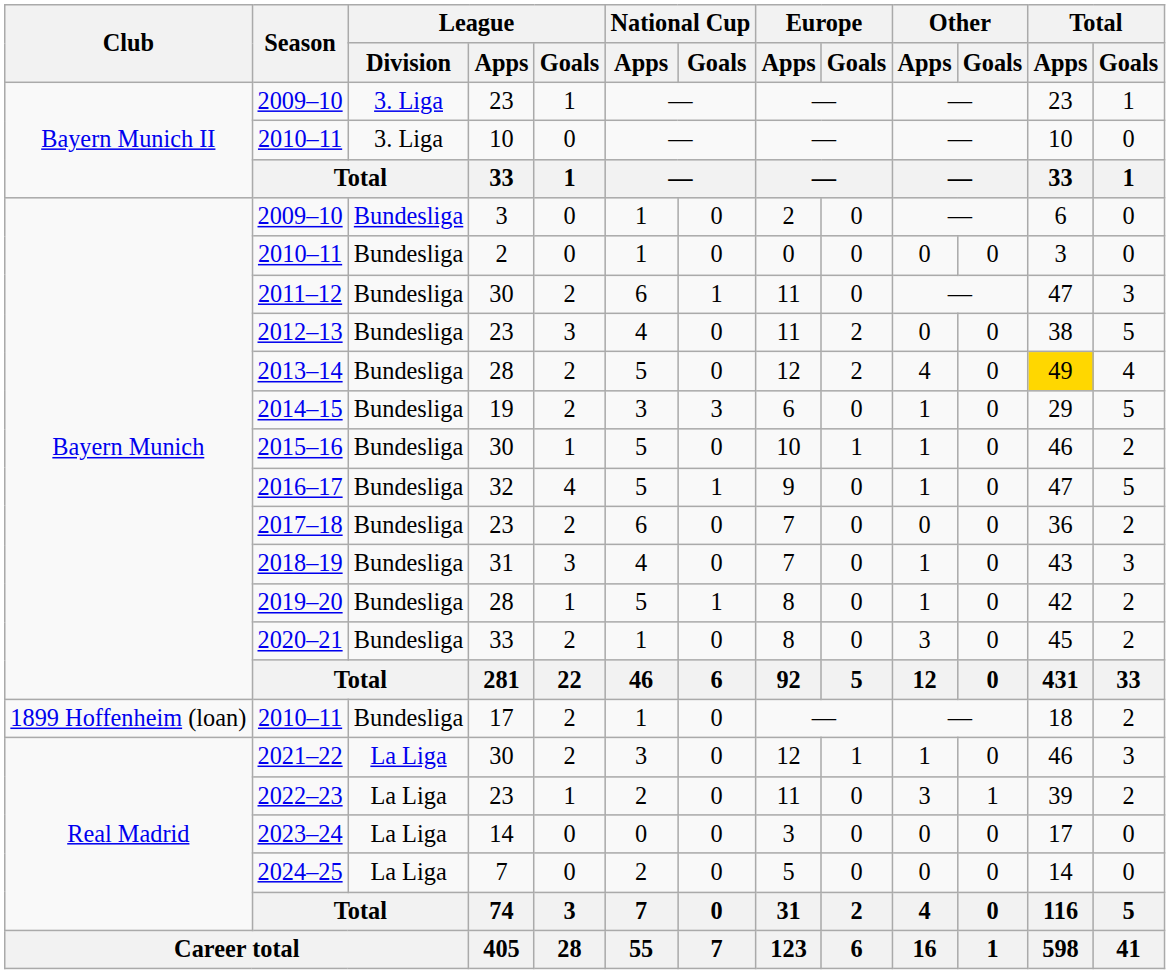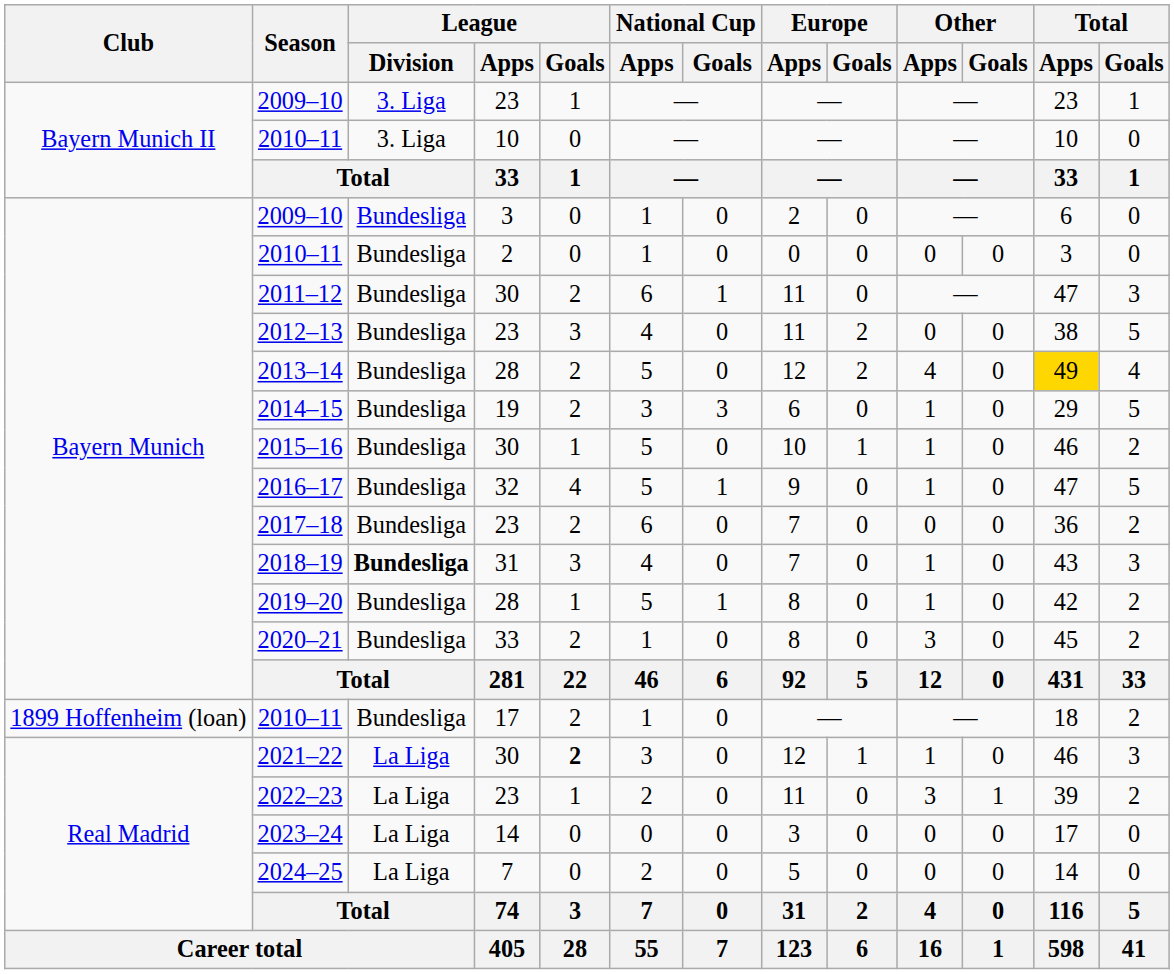 <table class="wikitable" style="text-align: center;">
 <tr>
 <th rowspan="2">Club</th>
 <th rowspan="2">Season</th>
 <th colspan="3">League</th>
 <th colspan="2">National Cup</th>
 <th colspan="2">Europe</th>
 <th colspan="2">Other</th>
 <th colspan="2">Total</th>
 </tr>
 <tr>
 <th>Division</th>
 <th>Apps</th>
 <th>Goals</th>
 <th>Apps</th>
 <th>Goals</th>
 <th>Apps</th>
 <th>Goals</th>
 <th>Apps</th>
 <th>Goals</th>
 <th>Apps</th>
 <th>Goals</th>
 </tr>
 <tr>
 <td rowspan="3"><a href='#'>Bayern Munich II</a></td>
 <td><a href='#'>2009–10</a></td>
 <td><a href='#'>3. Liga</a></td>
 <td>23</td>
 <td>1</td>
 <td colspan="2">—</td>
 <td colspan="2">—</td>
 <td colspan="2">—</td>
 <td>23</td>
 <td>1</td>
 </tr>
 <tr>
 <td><a href='#'>2010–11</a></td>
 <td>3. Liga</td>
 <td>10</td>
 <td>0</td>
 <td colspan="2">—</td>
 <td colspan="2">—</td>
 <td colspan="2">—</td>
 <td>10</td>
 <td>0</td>
 </tr>
 <tr>
 <th colspan="2">Total</th>
 <th>33</th>
 <th>1</th>
 <th colspan="2">—</th>
 <th colspan="2">—</th>
 <th colspan="2">—</th>
 <th>33</th>
 <th>1</th>
 </tr>
 <tr>
 <td rowspan="13"><a href='#'>Bayern Munich</a></td>
 <td><a href='#'>2009–10</a></td>
 <td><a href='#'>Bundesliga</a></td>
 <td>3</td>
 <td>0</td>
 <td>1</td>
 <td>0</td>
 <td>2</td>
 <td>0</td>
 <td colspan="2">—</td>
 <td>6</td>
 <td>0</td>
 </tr>
 <tr>
 <td><a href='#'>2010–11</a></td>
 <td>Bundesliga</td>
 <td>2</td>
 <td>0</td>
 <td>1</td>
 <td>0</td>
 <td>0</td>
 <td>0</td>
 <td>0</td>
 <td>0</td>
 <td>3</td>
 <td>0</td>
 </tr>
 <tr>
 <td><a href='#'>2011–12</a></td>
 <td>Bundesliga</td>
 <td>30</td>
 <td>2</td>
 <td>6</td>
 <td>1</td>
 <td>11</td>
 <td>0</td>
 <td colspan="2">—</td>
 <td>47</td>
 <td>3</td>
 </tr>
 <tr>
 <td><a href='#'>2012–13</a></td>
 <td>Bundesliga</td>
 <td>23</td>
 <td>3</td>
 <td>4</td>
 <td>0</td>
 <td>11</td>
 <td>2</td>
 <td>0</td>
 <td>0</td>
 <td>38</td>
 <td>5</td>
 </tr>
 <tr>
 <td><a href='#'>2013–14</a></td>
 <td>Bundesliga</td>
 <td>28</td>
 <td>2</td>
 <td>5</td>
 <td>0</td>
 <td>12</td>
 <td>2</td>
 <td>4</td>
 <td>0</td>
 <td style="background: gold;">49</td>
 <td>4</td>
 </tr>
 <tr>
 <td><a href='#'>2014–15</a></td>
 <td>Bundesliga</td>
 <td>19</td>
 <td>2</td>
 <td>3</td>
 <td>3</td>
 <td>6</td>
 <td>0</td>
 <td>1</td>
 <td>0</td>
 <td>29</td>
 <td>5</td>
 </tr>
 <tr>
 <td><a href='#'>2015–16</a></td>
 <td>Bundesliga</td>
 <td>30</td>
 <td>1</td>
 <td>5</td>
 <td>0</td>
 <td>10</td>
 <td>1</td>
 <td>1</td>
 <td>0</td>
 <td>46</td>
 <td>2</td>
 </tr>
 <tr>
 <td><a href='#'>2016–17</a></td>
 <td>Bundesliga</td>
 <td>32</td>
 <td>4</td>
 <td>5</td>
 <td>1</td>
 <td>9</td>
 <td>0</td>
 <td>1</td>
 <td>0</td>
 <td>47</td>
 <td>5</td>
 </tr>
 <tr>
 <td><a href='#'>2017–18</a></td>
 <td>Bundesliga</td>
 <td>23</td>
 <td>2</td>
 <td>6</td>
 <td>0</td>
 <td>7</td>
 <td>0</td>
 <td>0</td>
 <td>0</td>
 <td>36</td>
 <td>2</td>
 </tr>
 <tr>
 <td><a href='#'>2018–19</a></td>
-<td>Bundesliga</td>
+<td><strong>Bundesliga</strong></td>
 <td>31</td>
 <td>3</td>
 <td>4</td>
 <td>0</td>
 <td>7</td>
 <td>0</td>
 <td>1</td>
 <td>0</td>
 <td>43</td>
 <td>3</td>
 </tr>
 <tr>
 <td><a href='#'>2019–20</a></td>
 <td>Bundesliga</td>
 <td>28</td>
 <td>1</td>
 <td>5</td>
 <td>1</td>
 <td>8</td>
 <td>0</td>
 <td>1</td>
 <td>0</td>
 <td>42</td>
 <td>2</td>
 </tr>
 <tr>
 <td><a href='#'>2020–21</a></td>
 <td>Bundesliga</td>
 <td>33</td>
 <td>2</td>
 <td>1</td>
 <td>0</td>
 <td>8</td>
 <td>0</td>
 <td>3</td>
 <td>0</td>
 <td>45</td>
 <td>2</td>
 </tr>
 <tr>
 <th colspan="2">Total</th>
 <th>281</th>
 <th>22</th>
 <th>46</th>
 <th>6</th>
 <th>92</th>
 <th>5</th>
 <th>12</th>
 <th>0</th>
 <th>431</th>
 <th>33</th>
 </tr>
 <tr>
 <td><a href='#'>1899 Hoffenheim</a> (loan)</td>
 <td><a href='#'>2010–11</a></td>
 <td>Bundesliga</td>
 <td>17</td>
 <td>2</td>
 <td>1</td>
 <td>0</td>
 <td colspan="2">—</td>
 <td colspan="2">—</td>
 <td>18</td>
 <td>2</td>
 </tr>
 <tr>
 <td rowspan=5><a href='#'>Real Madrid</a></td>
 <td><a href='#'>2021–22</a></td>
 <td><a href='#'>La Liga</a></td>
 <td>30</td>
-<td>2</td>
+<td><strong>2</strong></td>
 <td>3</td>
 <td>0</td>
 <td>12</td>
 <td>1</td>
 <td>1</td>
 <td>0</td>
 <td>46</td>
 <td>3</td>
 </tr>
 <tr>
 <td><a href='#'>2022–23</a></td>
 <td>La Liga</td>
 <td>23</td>
 <td>1</td>
 <td>2</td>
 <td>0</td>
 <td>11</td>
 <td>0</td>
 <td>3</td>
 <td>1</td>
 <td>39</td>
 <td>2</td>
 </tr>
 <tr>
 <td><a href='#'>2023–24</a></td>
 <td>La Liga</td>
 <td>14</td>
 <td>0</td>
 <td>0</td>
 <td>0</td>
 <td>3</td>
 <td>0</td>
 <td>0</td>
 <td>0</td>
 <td>17</td>
 <td>0</td>
 </tr>
 <tr>
 <td><a href='#'>2024–25</a></td>
 <td>La Liga</td>
 <td>7</td>
 <td>0</td>
 <td>2</td>
 <td>0</td>
 <td>5</td>
 <td>0</td>
 <td>0</td>
 <td>0</td>
 <td>14</td>
 <td>0</td>
 </tr>
 <tr>
 <th colspan="2">Total</th>
 <th>74</th>
 <th>3</th>
 <th>7</th>
 <th>0</th>
 <th>31</th>
 <th>2</th>
 <th>4</th>
 <th>0</th>
 <th>116</th>
 <th>5</th>
 </tr>
 <tr>
 <th colspan="3">Career total</th>
 <th>405</th>
 <th>28</th>
 <th>55</th>
 <th>7</th>
 <th>123</th>
 <th>6</th>
 <th>16</th>
 <th>1</th>
 <th>598</th>
 <th>41</th>
 </tr>
 </table>
